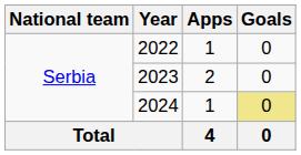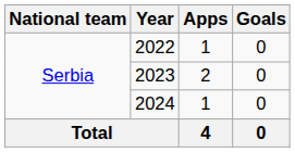 <table class="wikitable" style="text-align:center">
 <tr>
 <th>National team</th>
 <th>Year</th>
 <th>Apps</th>
 <th>Goals</th>
 </tr>
 <tr>
 <td rowspan="3"><a href='#'>Serbia</a></td>
 <td>2022</td>
 <td>1</td>
 <td>0</td>
 </tr>
 <tr>
 <td>2023</td>
 <td>2</td>
 <td>0</td>
 </tr>
 <tr>
 <td>2024</td>
 <td>1</td>
-<td style="background: khaki;">0</td>
+<td>0</td>
 </tr>
 <tr>
 <th colspan="2">Total</th>
 <th>4</th>
 <th>0</th>
 </tr>
 </table>
